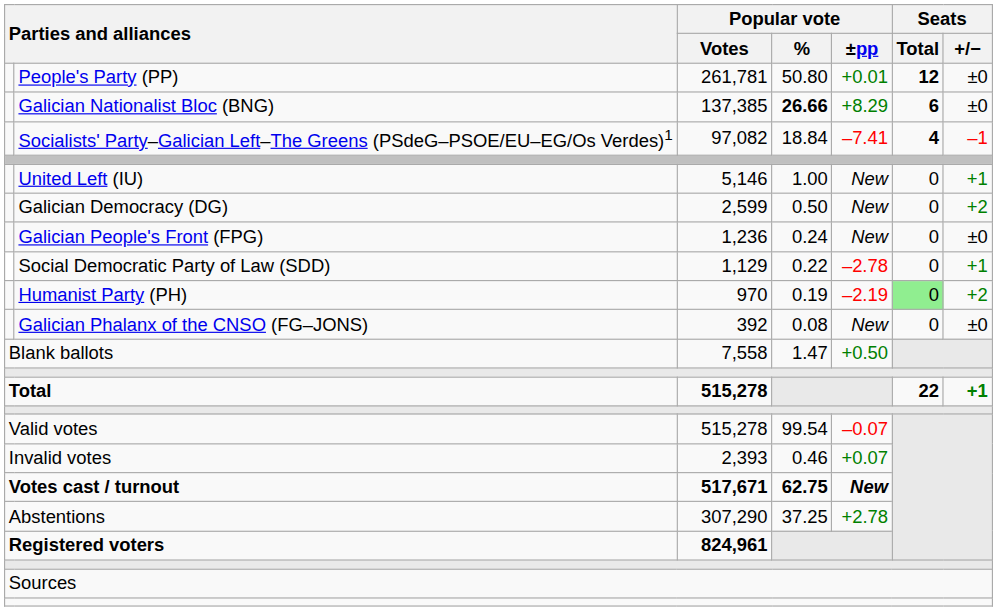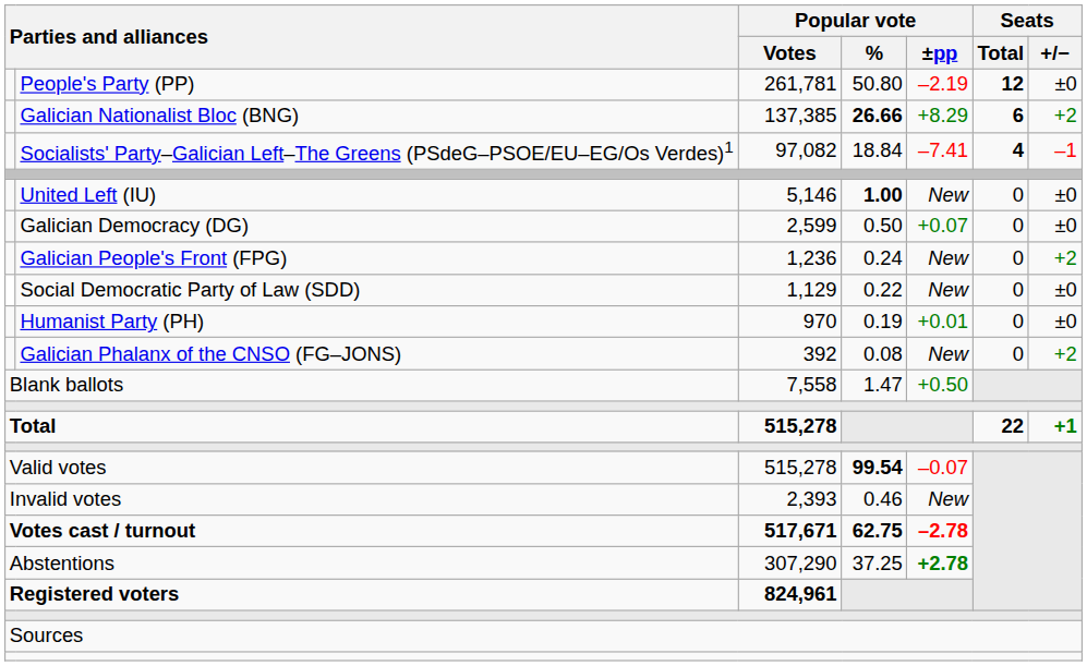 <table class="wikitable" style="text-align:right;">
 <tr>
 <th style="text-align:left;" rowspan="2" colspan="2" width="525">Parties and alliances</th>
 <th colspan="3">Popular vote</th>
 <th colspan="2">Seats</th>
 </tr>
 <tr>
 <th width="75">Votes</th>
 <th width="45">%</th>
 <th width="45">±<a href='#'>pp</a></th>
 <th width="35">Total</th>
 <th width="35">+/−</th>
 </tr>
 <tr>
 <td width="1" style="color:inherit;background:"></td>
 <td align="left"><a href='#'>People's Party</a> (PP)</td>
 <td>261,781</td>
 <td>50.80</td>
-<td style="color:green;">+0.01</td>
+<td style="color:red;">–2.19</td>
 <td><strong>12</strong></td>
 <td>±0</td>
 </tr>
 <tr>
 <td style="color:inherit;background:"></td>
 <td align="left"><a href='#'>Galician Nationalist Bloc</a> (BNG)</td>
 <td>137,385</td>
 <td><strong>26.66</strong></td>
 <td style="color:green;">+8.29</td>
 <td><strong>6</strong></td>
-<td>±0</td>
+<td style="color:green;">+2</td>
 </tr>
 <tr>
 <td style="color:inherit;background:"></td>
 <td align="left"><a href='#'>Socialists' Party</a>–<a href='#'>Galician Left</a>–<a href='#'>The Greens</a> (PSdeG–PSOE/EU–EG/Os Verdes)<sup>1</sup></td>
 <td>97,082</td>
 <td>18.84</td>
 <td style="color:red;">–7.41</td>
 <td><strong>4</strong></td>
 <td style="color:red;">–1</td>
 </tr>
 <tr>
 <td colspan="7" bgcolor="#C0C0C0"></td>
 </tr>
 <tr>
 <td style="color:inherit;background:"></td>
 <td align="left"><a href='#'>United Left</a> (IU)</td>
 <td>5,146</td>
-<td>1.00</td>
+<td><strong>1.00</strong></td>
 <td><em>New</em></td>
 <td>0</td>
-<td style="color:green;">+1</td>
+<td>±0</td>
 </tr>
 <tr>
 <td style="color:inherit;background:"></td>
 <td align="left">Galician Democracy (DG)</td>
 <td>2,599</td>
 <td>0.50</td>
-<td><em>New</em></td>
+<td style="color:green;">+0.07</td>
 <td>0</td>
-<td style="color:green;">+2</td>
+<td>±0</td>
 </tr>
 <tr>
 <td style="color:inherit;background:"></td>
 <td align="left"><a href='#'>Galician People's Front</a> (FPG)</td>
 <td>1,236</td>
 <td>0.24</td>
 <td><em>New</em></td>
 <td>0</td>
-<td>±0</td>
+<td style="color:green;">+2</td>
 </tr>
 <tr>
 <td bgcolor="white"></td>
 <td align="left">Social Democratic Party of Law (SDD)</td>
 <td>1,129</td>
 <td>0.22</td>
-<td style="color:red;">–2.78</td>
+<td><em>New</em></td>
 <td>0</td>
-<td style="color:green;">+1</td>
+<td>±0</td>
 </tr>
 <tr>
 <td style="color:inherit;background:"></td>
 <td align="left"><a href='#'>Humanist Party</a> (PH)</td>
 <td>970</td>
 <td>0.19</td>
-<td style="color:red;">–2.19</td>
-<td style="background: lightgreen;">0</td>
-<td style="color:green;">+2</td>
+<td style="color:green;">+0.01</td>
+<td>0</td>
+<td>±0</td>
 </tr>
 <tr>
 <td style="color:inherit;background:"></td>
 <td align="left"><a href='#'>Galician Phalanx of the CNSO</a> (FG–JONS)</td>
 <td>392</td>
 <td>0.08</td>
 <td><em>New</em></td>
 <td>0</td>
-<td>±0</td>
+<td style="color:green;">+2</td>
 </tr>
 <tr>
 <td align="left" colspan="2">Blank ballots</td>
 <td>7,558</td>
 <td>1.47</td>
 <td style="color:green;">+0.50</td>
 <td bgcolor="#E9E9E9" colspan="2"></td>
 </tr>
 <tr>
 <td colspan="7" bgcolor="#E9E9E9"></td>
 </tr>
 <tr style="font-weight:bold;">
 <td align="left" colspan="2">Total</td>
 <td>515,278</td>
 <td bgcolor="#E9E9E9" colspan="2"></td>
 <td>22</td>
 <td style="color:green;">+1</td>
 </tr>
 <tr>
 <td colspan="7" bgcolor="#E9E9E9"></td>
 </tr>
 <tr>
 <td align="left" colspan="2">Valid votes</td>
 <td>515,278</td>
-<td>99.54</td>
+<td><strong>99.54</strong></td>
 <td style="color:red;">–0.07</td>
 <td bgcolor="#E9E9E9" colspan="7" rowspan="5"></td>
 </tr>
 <tr>
 <td align="left" colspan="2">Invalid votes</td>
 <td>2,393</td>
 <td>0.46</td>
-<td style="color:green;">+0.07</td>
+<td><em>New</em></td>
 </tr>
 <tr style="font-weight:bold;">
 <td align="left" colspan="2">Votes cast / turnout</td>
 <td>517,671</td>
 <td>62.75</td>
-<td><em>New</em></td>
+<td style="color:red;">–2.78</td>
 </tr>
 <tr>
 <td align="left" colspan="2">Abstentions</td>
 <td>307,290</td>
 <td>37.25</td>
-<td style="color:green;">+2.78</td>
+<td style="color:green;"><strong>+2.78</strong></td>
 </tr>
 <tr style="font-weight:bold;">
 <td align="left" colspan="2">Registered voters</td>
 <td>824,961</td>
 <td bgcolor="#E9E9E9" colspan="2"></td>
 </tr>
 <tr>
 <td colspan="7" bgcolor="#E9E9E9"></td>
 </tr>
 <tr>
 <td align="left" colspan="7">Sources</td>
 </tr>
 <tr>
 <td colspan="7" style="text-align:left; max-width:790px;"></td>
 </tr>
 </table>
